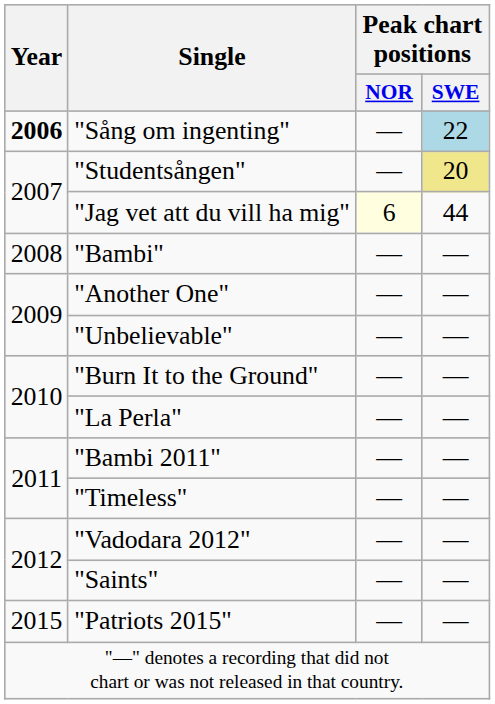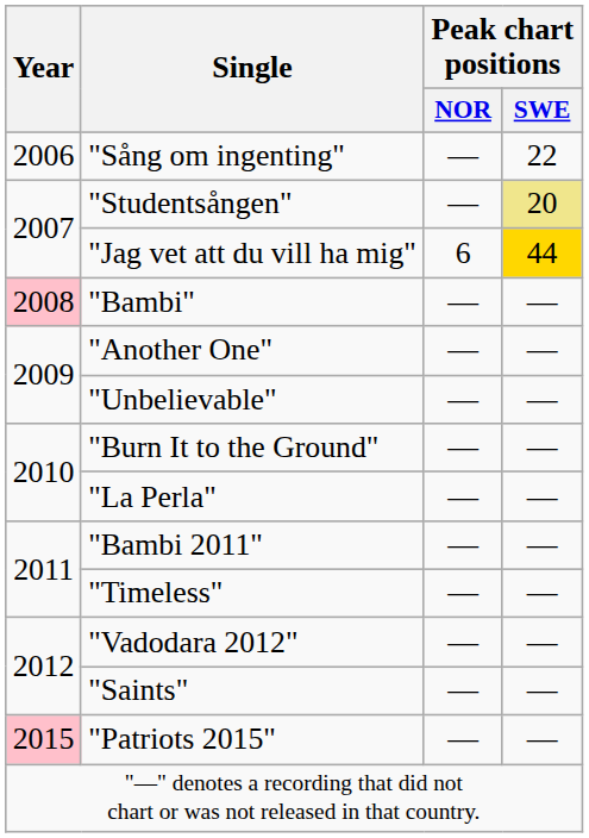 <table class="wikitable" style="text-align:center;">
 <tr>
 <th rowspan="2">Year</th>
 <th rowspan="2">Single</th>
 <th colspan="2">Peak chart positions</th>
 </tr>
 <tr style="font-size:smaller;">
 <th width="35"><a href='#'>NOR</a><br></th>
 <th width="35"><a href='#'>SWE</a><br></th>
 </tr>
 <tr>
-<td><strong>2006</strong></td>
+<td>2006</td>
 <td align="left">"Sång om ingenting"</td>
 <td>—</td>
-<td style="background: lightblue;">22</td>
+<td>22</td>
 </tr>
 <tr>
 <td rowspan=2>2007</td>
 <td align="left">"Studentsången"</td>
 <td>—</td>
 <td style="background: khaki;">20</td>
 </tr>
 <tr>
 <td align="left">"Jag vet att du vill ha mig"</td>
-<td style="background: lightyellow;">6</td>
-<td>44</td>
+<td>6</td>
+<td style="background: gold;">44</td>
 </tr>
 <tr>
-<td>2008</td>
+<td style="background: pink;">2008</td>
 <td align="left">"Bambi"</td>
 <td>—</td>
 <td>—</td>
 </tr>
 <tr>
 <td rowspan=2>2009</td>
 <td align="left">"Another One"</td>
 <td>—</td>
 <td>—</td>
 </tr>
 <tr>
 <td align="left">"Unbelievable"</td>
 <td>—</td>
 <td>—</td>
 </tr>
 <tr>
 <td rowspan=2>2010</td>
 <td align="left">"Burn It to the Ground"</td>
 <td>—</td>
 <td>—</td>
 </tr>
 <tr>
 <td align="left">"La Perla"</td>
 <td>—</td>
 <td>—</td>
 </tr>
 <tr>
 <td rowspan=2>2011</td>
 <td align="left">"Bambi 2011"</td>
 <td>—</td>
 <td>—</td>
 </tr>
 <tr>
 <td align="left">"Timeless"</td>
 <td>—</td>
 <td>—</td>
 </tr>
 <tr>
 <td rowspan=2>2012</td>
 <td align="left">"Vadodara 2012"</td>
 <td>—</td>
 <td>—</td>
 </tr>
 <tr>
 <td align="left">"Saints"</td>
 <td>—</td>
 <td>—</td>
 </tr>
 <tr>
-<td>2015</td>
+<td style="background: pink;">2015</td>
 <td align="left">"Patriots 2015"</td>
 <td>—</td>
 <td>—</td>
 </tr>
 <tr>
 <td colspan="4" style="font-size:9pt">"—" denotes a recording that did not<br>chart or was not released in that country.</td>
 </tr>
 </table>
